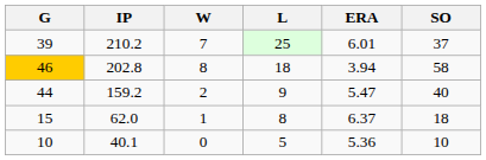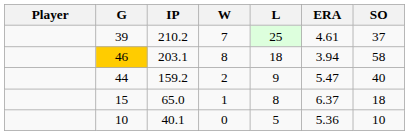 <table class="wikitable sortable">
 <tr>
+<th bgcolor="#DDDDFF" width="16%">Player</th>
 <th bgcolor="#DDDDFF" width="9%">G</th>
 <th bgcolor="#DDDDFF" width="9%">IP</th>
 <th bgcolor="#DDDDFF" width="9%">W</th>
 <th bgcolor="#DDDDFF" width="9%">L</th>
 <th bgcolor="#DDDDFF" width="9%">ERA</th>
 <th bgcolor="#DDDDFF" width="9%">SO</th>
 </tr>
 <tr align="center">
+<td></td>
 <td>39</td>
 <td>210.2</td>
 <td>7</td>
 <td style="background:#DDFFDD;">25</td>
-<td>6.01</td>
+<td>4.61</td>
 <td>37</td>
 </tr>
 <tr align="center">
+<td></td>
 <td style="background:#fc0;">46</td>
-<td>202.8</td>
+<td>203.1</td>
 <td>8</td>
 <td>18</td>
 <td>3.94</td>
 <td>58</td>
 </tr>
 <tr align="center">
+<td></td>
 <td>44</td>
 <td>159.2</td>
 <td>2</td>
 <td>9</td>
 <td>5.47</td>
 <td>40</td>
 </tr>
 <tr align="center">
+<td></td>
 <td>15</td>
-<td>62.0</td>
+<td>65.0</td>
 <td>1</td>
 <td>8</td>
 <td>6.37</td>
 <td>18</td>
 </tr>
 <tr align="center">
+<td></td>
 <td>10</td>
 <td>40.1</td>
 <td>0</td>
 <td>5</td>
 <td>5.36</td>
 <td>10</td>
 </tr>
 </table>
